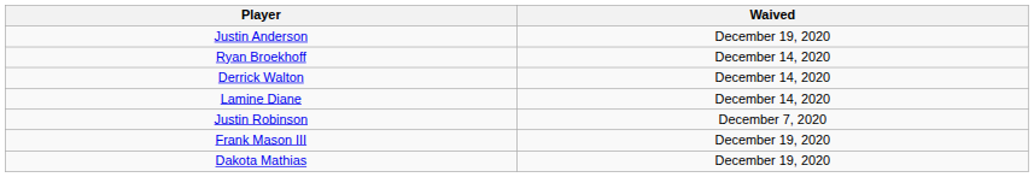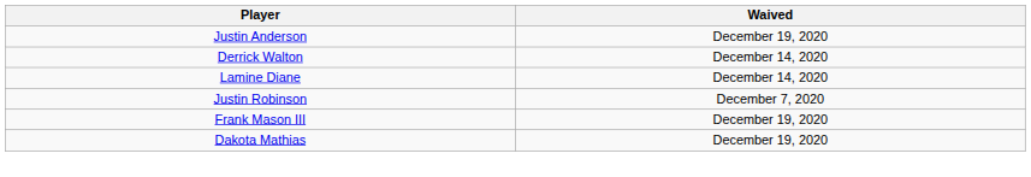 <table class="wikitable sortable sortable" style="text-align: center">
 <tr>
 <th width="10%">Player</th>
 <th width="10%">Waived</th>
 </tr>
 <tr>
 <td><a href='#'>Justin Anderson</a></td>
 <td>December 19, 2020</td>
-</tr>
-<tr>
-<td><a href='#'>Ryan Broekhoff</a></td>
-<td>December 14, 2020</td>
 </tr>
 <tr>
 <td><a href='#'>Derrick Walton</a></td>
 <td>December 14, 2020</td>
 </tr>
 <tr>
 <td><a href='#'>Lamine Diane</a></td>
 <td>December 14, 2020</td>
 </tr>
 <tr>
 <td><a href='#'>Justin Robinson</a></td>
 <td>December 7, 2020</td>
 </tr>
 <tr>
 <td><a href='#'>Frank Mason III</a></td>
 <td>December 19, 2020</td>
 </tr>
 <tr>
 <td><a href='#'>Dakota Mathias</a></td>
 <td>December 19, 2020</td>
 </tr>
 </table>
